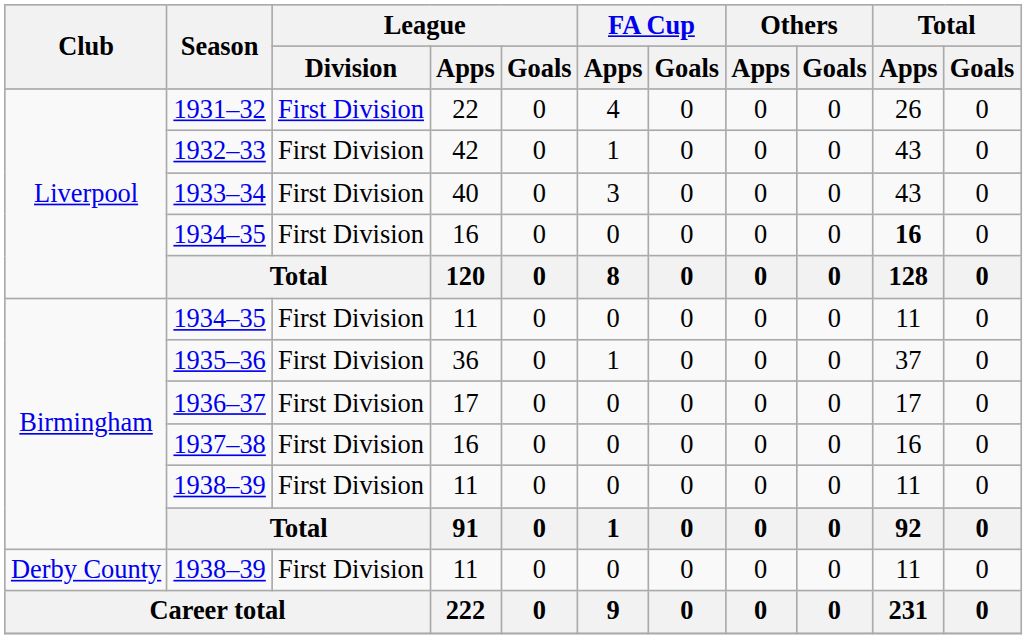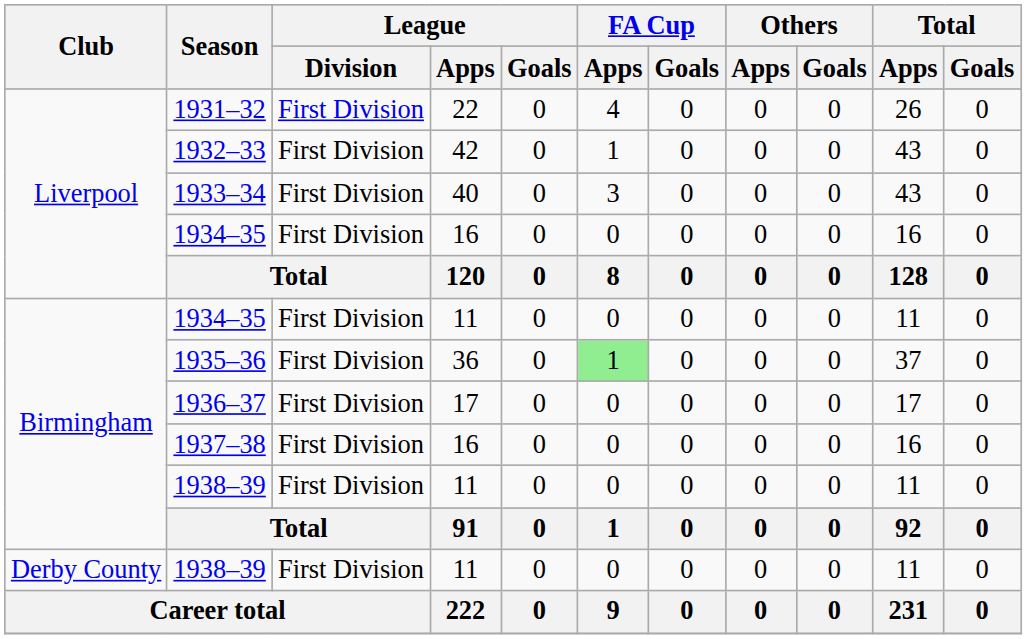 <table class="wikitable" style="text-align: center;">
 <tr>
 <th rowspan="2">Club</th>
 <th rowspan="2">Season</th>
 <th colspan="3">League</th>
 <th colspan="2"><a href='#'>FA Cup</a></th>
 <th colspan="2">Others</th>
 <th colspan="2">Total</th>
 </tr>
 <tr>
 <th>Division</th>
 <th>Apps</th>
 <th>Goals</th>
 <th>Apps</th>
 <th>Goals</th>
 <th>Apps</th>
 <th>Goals</th>
 <th>Apps</th>
 <th>Goals</th>
 </tr>
 <tr>
 <td rowspan="5"><a href='#'>Liverpool</a></td>
 <td><a href='#'>1931–32</a></td>
 <td><a href='#'>First Division</a></td>
 <td>22</td>
 <td>0</td>
 <td>4</td>
 <td>0</td>
 <td>0</td>
 <td>0</td>
 <td>26</td>
 <td>0</td>
 </tr>
 <tr>
 <td><a href='#'>1932–33</a></td>
 <td>First Division</td>
 <td>42</td>
 <td>0</td>
 <td>1</td>
 <td>0</td>
 <td>0</td>
 <td>0</td>
 <td>43</td>
 <td>0</td>
 </tr>
 <tr>
 <td><a href='#'>1933–34</a></td>
 <td>First Division</td>
 <td>40</td>
 <td>0</td>
 <td>3</td>
 <td>0</td>
 <td>0</td>
 <td>0</td>
 <td>43</td>
 <td>0</td>
 </tr>
 <tr>
 <td><a href='#'>1934–35</a></td>
 <td>First Division</td>
 <td>16</td>
 <td>0</td>
 <td>0</td>
 <td>0</td>
 <td>0</td>
 <td>0</td>
-<td><strong>16</strong></td>
+<td>16</td>
 <td>0</td>
 </tr>
 <tr>
 <th colspan="2">Total</th>
 <th>120</th>
 <th>0</th>
 <th>8</th>
 <th>0</th>
 <th>0</th>
 <th>0</th>
 <th>128</th>
 <th>0</th>
 </tr>
 <tr>
 <td rowspan="6"><a href='#'>Birmingham</a></td>
 <td><a href='#'>1934–35</a></td>
 <td>First Division</td>
 <td>11</td>
 <td>0</td>
 <td>0</td>
 <td>0</td>
 <td>0</td>
 <td>0</td>
 <td>11</td>
 <td>0</td>
 </tr>
 <tr>
 <td><a href='#'>1935–36</a></td>
 <td>First Division</td>
 <td>36</td>
 <td>0</td>
-<td>1</td>
+<td style="background: lightgreen;">1</td>
 <td>0</td>
 <td>0</td>
 <td>0</td>
 <td>37</td>
 <td>0</td>
 </tr>
 <tr>
 <td><a href='#'>1936–37</a></td>
 <td>First Division</td>
 <td>17</td>
 <td>0</td>
 <td>0</td>
 <td>0</td>
 <td>0</td>
 <td>0</td>
 <td>17</td>
 <td>0</td>
 </tr>
 <tr>
 <td><a href='#'>1937–38</a></td>
 <td>First Division</td>
 <td>16</td>
 <td>0</td>
 <td>0</td>
 <td>0</td>
 <td>0</td>
 <td>0</td>
 <td>16</td>
 <td>0</td>
 </tr>
 <tr>
 <td><a href='#'>1938–39</a></td>
 <td>First Division</td>
 <td>11</td>
 <td>0</td>
 <td>0</td>
 <td>0</td>
 <td>0</td>
 <td>0</td>
 <td>11</td>
 <td>0</td>
 </tr>
 <tr>
 <th colspan="2">Total</th>
 <th>91</th>
 <th>0</th>
 <th>1</th>
 <th>0</th>
 <th>0</th>
 <th>0</th>
 <th>92</th>
 <th>0</th>
 </tr>
 <tr>
 <td><a href='#'>Derby County</a></td>
 <td><a href='#'>1938–39</a></td>
 <td>First Division</td>
 <td>11</td>
 <td>0</td>
 <td>0</td>
 <td>0</td>
 <td>0</td>
 <td>0</td>
 <td>11</td>
 <td>0</td>
 </tr>
 <tr>
 <th colspan="3">Career total</th>
 <th>222</th>
 <th>0</th>
 <th>9</th>
 <th>0</th>
 <th>0</th>
 <th>0</th>
 <th>231</th>
 <th>0</th>
 </tr>
 <tr>
 </tr>
 </table>
